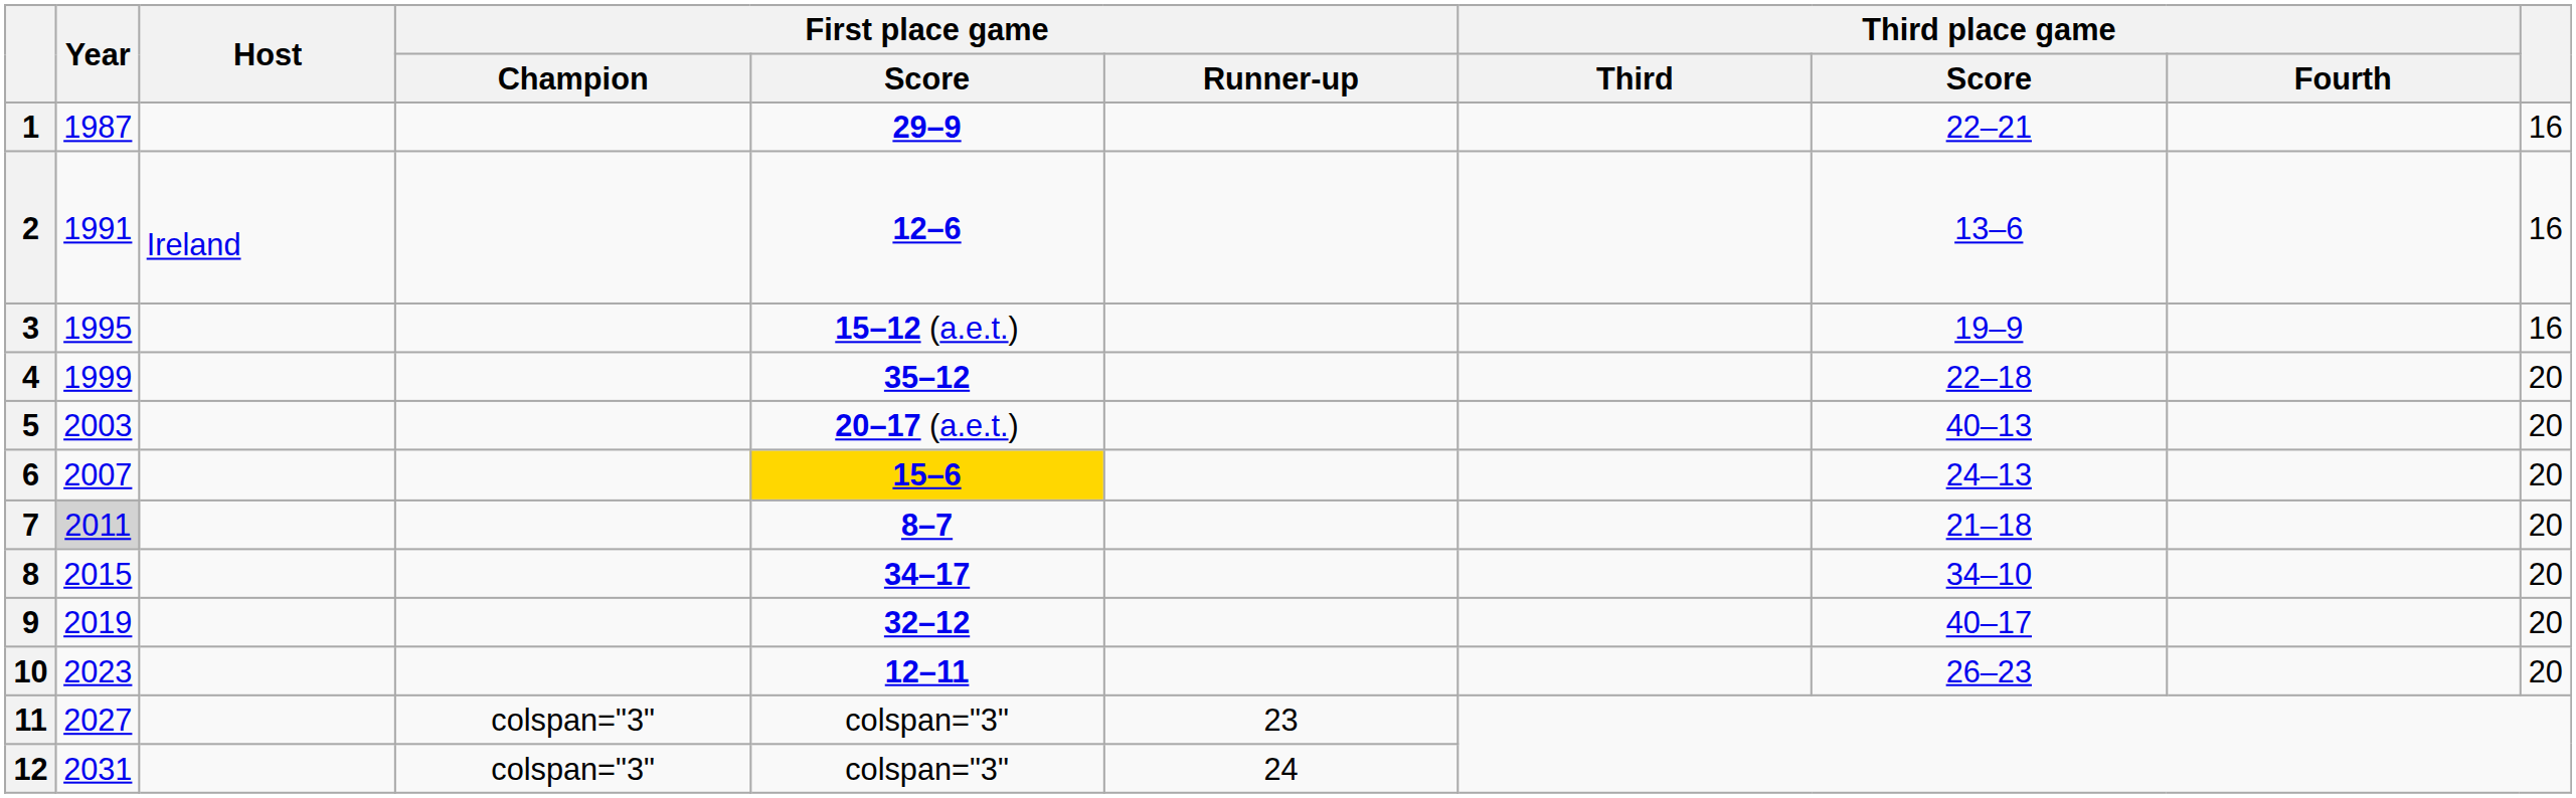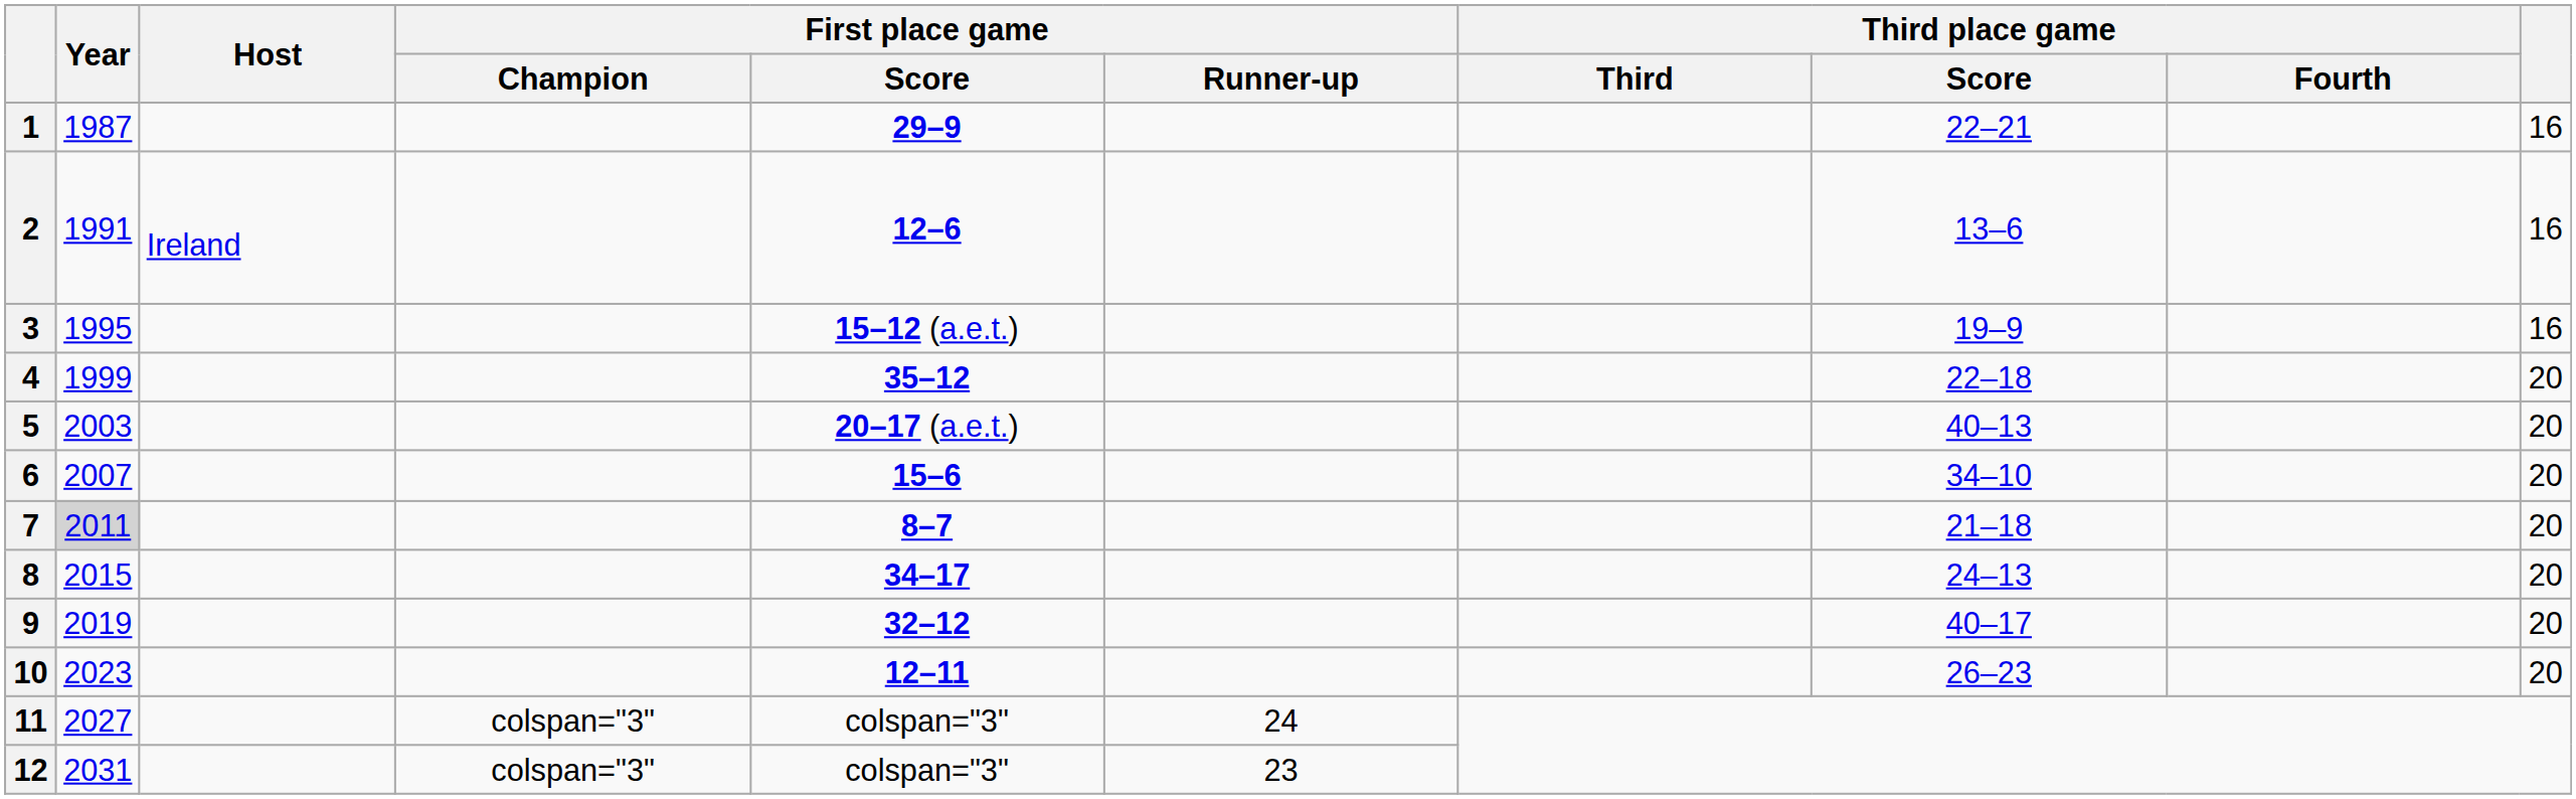 <table class="wikitable sortable" style="font-size:95%; text-align:center; width:100%;">
 <tr>
 <th rowspan=2 style= "width:2%;"></th>
 <th rowspan=2 style= "width:2%;">Year</th>
 <th rowspan=2 style= "width:10%;">Host</th>
 <th colspan=3>First place game</th>
 <th colspan=3>Third place game</th>
 <th rowspan=2 style= "width:2%;"></th>
 </tr>
 <tr>
 <th width= 150px>Champion</th>
 <th width= 150px>Score</th>
 <th width= 150px>Runner-up</th>
 <th width= 150px>Third</th>
 <th width= 150px>Score</th>
 <th width= 150px>Fourth</th>
 </tr>
 <tr>
 <th>1</th>
 <td><a href='#'>1987</a></td>
 <td align=left><br> </td>
 <td><strong></strong></td>
 <td><strong><a href='#'>29–9</a></strong></td>
 <td></td>
 <td></td>
 <td><a href='#'>22–21</a></td>
 <td></td>
 <td>16</td>
 </tr>
 <tr>
 <th>2</th>
 <td><a href='#'>1991</a></td>
 <td align=left><br><br> <a href='#'>Ireland</a><br><br> </td>
 <td><strong></strong></td>
 <td><strong><a href='#'>12–6</a></strong></td>
 <td></td>
 <td></td>
 <td><a href='#'>13–6</a></td>
 <td></td>
 <td>16</td>
 </tr>
 <tr>
 <th>3</th>
 <td><a href='#'>1995</a></td>
 <td align=left></td>
 <td><strong></strong></td>
 <td><strong><a href='#'>15–12</a></strong> (<a href='#'>a.e.t.</a>)</td>
 <td></td>
 <td></td>
 <td><a href='#'>19–9</a></td>
 <td></td>
 <td>16</td>
 </tr>
 <tr>
 <th>4</th>
 <td><a href='#'>1999</a></td>
 <td align=left></td>
 <td><strong></strong></td>
 <td><strong><a href='#'>35–12</a></strong></td>
 <td></td>
 <td></td>
 <td><a href='#'>22–18</a></td>
 <td></td>
 <td>20</td>
 </tr>
 <tr>
 <th>5</th>
 <td><a href='#'>2003</a></td>
 <td align=left></td>
 <td><strong></strong></td>
 <td><strong><a href='#'>20–17</a></strong> (<a href='#'>a.e.t.</a>)</td>
 <td></td>
 <td></td>
 <td><a href='#'>40–13</a></td>
 <td></td>
 <td>20</td>
 </tr>
 <tr>
 <th>6</th>
 <td><a href='#'>2007</a></td>
 <td align=left></td>
 <td><strong></strong></td>
-<td style="background: gold;"><strong><a href='#'>15–6</a></strong></td>
+<td><strong><a href='#'>15–6</a></strong></td>
 <td></td>
 <td></td>
-<td><a href='#'>24–13</a></td>
+<td><a href='#'>34–10</a></td>
 <td></td>
 <td>20</td>
 </tr>
 <tr>
 <th>7</th>
 <td style="background: lightgrey;"><a href='#'>2011</a></td>
 <td align=left></td>
 <td><strong></strong></td>
 <td><strong><a href='#'>8–7</a></strong></td>
 <td></td>
 <td></td>
 <td><a href='#'>21–18</a></td>
 <td></td>
 <td>20</td>
 </tr>
 <tr>
 <th>8</th>
 <td><a href='#'>2015</a></td>
 <td align=left></td>
 <td><strong></strong></td>
 <td><strong><a href='#'>34–17</a></strong></td>
 <td></td>
 <td></td>
-<td><a href='#'>34–10</a></td>
+<td><a href='#'>24–13</a></td>
 <td></td>
 <td>20</td>
 </tr>
 <tr>
 <th>9</th>
 <td><a href='#'>2019</a></td>
 <td align=left></td>
 <td><strong></strong></td>
 <td><strong><a href='#'>32–12</a></strong></td>
 <td></td>
 <td></td>
 <td><a href='#'>40–17</a></td>
 <td></td>
 <td>20</td>
 </tr>
 <tr>
 <th>10</th>
 <td><a href='#'>2023</a></td>
 <td align=left></td>
 <td><strong></strong></td>
 <td><strong><a href='#'>12–11</a></strong></td>
 <td></td>
 <td></td>
 <td><a href='#'>26–23</a></td>
 <td></td>
 <td>20</td>
 </tr>
 <tr>
 <th>11</th>
 <td><a href='#'>2027</a></td>
 <td align=left></td>
 <td>colspan="3" </td>
 <td>colspan="3" </td>
-<td>23</td>
+<td>24</td>
 </tr>
 <tr>
 <th>12</th>
 <td><a href='#'>2031</a></td>
 <td nowrap align=left></td>
 <td>colspan="3" </td>
 <td>colspan="3" </td>
-<td>24</td>
+<td>23</td>
 </tr>
 </table>
